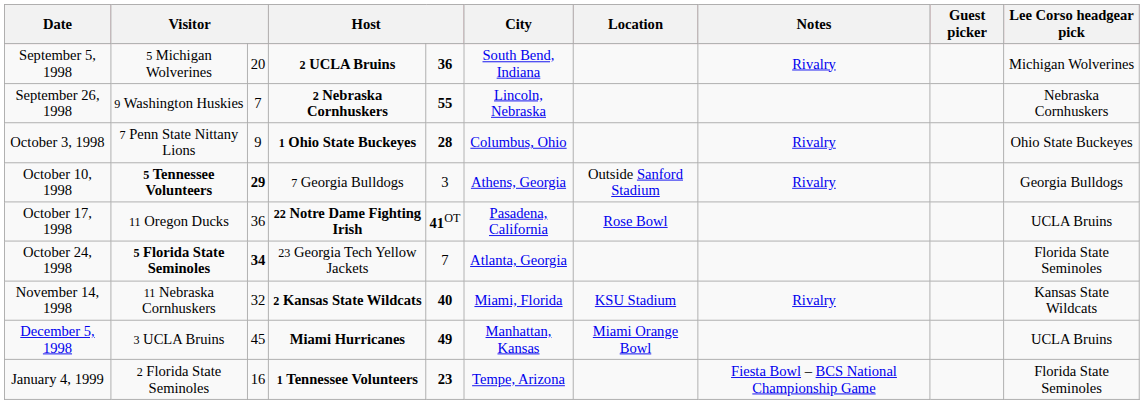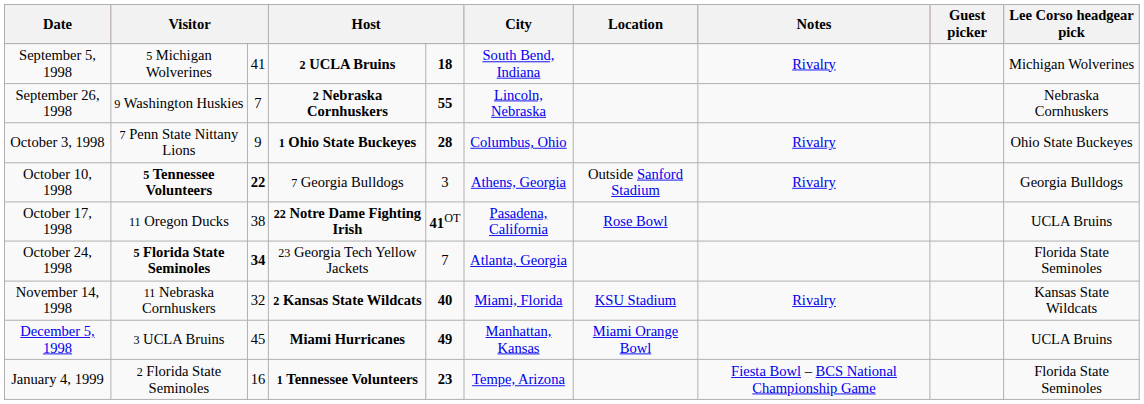 <table class="wikitable" style="text-align:center">
 <tr style="background:#A32638;"|>
 <th>Date</th>
 <th colspan=2>Visitor</th>
 <th colspan=2>Host</th>
 <th>City</th>
 <th>Location</th>
 <th>Notes</th>
 <th>Guest picker</th>
 <th>Lee Corso headgear pick</th>
 </tr>
 <tr>
 <td>September 5, 1998</td>
 <td><small>5</small> Michigan Wolverines</td>
-<td>20</td>
+<td>41</td>
 <td><strong><small>2</small> UCLA Bruins</strong></td>
-<td><strong>36</strong></td>
+<td><strong>18</strong></td>
 <td><a href='#'>South Bend, Indiana</a></td>
 <td></td>
 <td><a href='#'>Rivalry</a></td>
 <td></td>
 <td>Michigan Wolverines</td>
 </tr>
 <tr>
 <td>September 26, 1998</td>
 <td><small>9</small> Washington Huskies</td>
 <td>7</td>
 <td><strong><small>2</small> Nebraska Cornhuskers</strong></td>
 <td><strong>55</strong></td>
 <td><a href='#'>Lincoln, Nebraska</a></td>
 <td></td>
 <td></td>
 <td></td>
 <td>Nebraska Cornhuskers</td>
 </tr>
 <tr>
 <td>October 3, 1998</td>
 <td><small>7</small> Penn State Nittany Lions</td>
 <td>9</td>
 <td><strong><small>1</small> Ohio State Buckeyes</strong></td>
 <td><strong>28</strong></td>
 <td><a href='#'>Columbus, Ohio</a></td>
 <td></td>
 <td><a href='#'>Rivalry</a></td>
 <td></td>
 <td>Ohio State Buckeyes</td>
 </tr>
 <tr>
 <td>October 10, 1998</td>
 <td><strong><small>5</small> Tennessee Volunteers</strong></td>
-<td><strong>29</strong></td>
+<td><strong>22</strong></td>
 <td><small>7</small> Georgia Bulldogs</td>
 <td>3</td>
 <td><a href='#'>Athens, Georgia</a></td>
 <td>Outside <a href='#'>Sanford Stadium</a></td>
 <td><a href='#'>Rivalry</a></td>
 <td></td>
 <td>Georgia Bulldogs</td>
 </tr>
 <tr>
 <td>October 17, 1998</td>
 <td><small>11</small> Oregon Ducks</td>
-<td>36</td>
+<td>38</td>
 <td><strong><small>22</small> Notre Dame Fighting Irish</strong></td>
 <td><strong>41</strong><sup>OT</sup></td>
 <td><a href='#'>Pasadena, California</a></td>
 <td><a href='#'>Rose Bowl</a></td>
 <td></td>
 <td></td>
 <td>UCLA Bruins</td>
 </tr>
 <tr>
 <td>October 24, 1998</td>
 <td><strong><small>5</small> Florida State Seminoles</strong></td>
 <td><strong>34</strong></td>
 <td><small>23</small> Georgia Tech Yellow Jackets</td>
 <td>7</td>
 <td><a href='#'>Atlanta, Georgia</a></td>
 <td></td>
 <td></td>
 <td></td>
 <td>Florida State Seminoles</td>
 </tr>
 <tr>
 <td>November 14, 1998</td>
 <td><small>11</small> Nebraska Cornhuskers</td>
 <td>32</td>
 <td><strong><small>2</small> Kansas State Wildcats</strong></td>
 <td><strong>40</strong></td>
 <td><a href='#'>Miami, Florida</a></td>
 <td><a href='#'>KSU Stadium</a></td>
 <td><a href='#'>Rivalry</a></td>
 <td></td>
 <td>Kansas State Wildcats</td>
 </tr>
 <tr>
 <td><a href='#'>December 5, 1998</a></td>
 <td><small>3</small> UCLA Bruins</td>
 <td>45</td>
 <td><strong>Miami Hurricanes</strong></td>
 <td><strong>49</strong></td>
 <td><a href='#'>Manhattan, Kansas</a></td>
 <td><a href='#'>Miami Orange Bowl</a></td>
 <td></td>
 <td></td>
 <td>UCLA Bruins</td>
 </tr>
 <tr>
 <td>January 4, 1999</td>
 <td><small>2</small> Florida State Seminoles</td>
 <td>16</td>
 <td><strong><small>1</small> Tennessee Volunteers</strong></td>
 <td><strong>23</strong></td>
 <td><a href='#'>Tempe, Arizona</a></td>
 <td></td>
 <td><a href='#'>Fiesta Bowl</a> – <a href='#'>BCS National Championship Game</a></td>
 <td></td>
 <td>Florida State Seminoles</td>
 </tr>
 </table>
